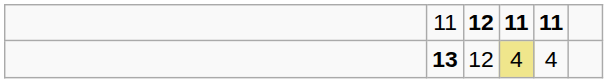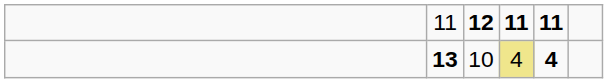 <table class="wikitable">
 <tr>
 <td style="width:18em"></td>
 <td align=center style="width:1em">11</td>
 <td align=center style="width:1em"><strong>12</strong></td>
 <td align=center style="width:1em"><strong>11</strong></td>
 <td align=center style="width:1em"><strong>11</strong></td>
 <td align=center style="width:1em"></td>
 </tr>
 <tr>
 <td style="width:18em"></td>
 <td align=center style="width:1em"><strong>13</strong></td>
-<td align=center style="width:1em">12</td>
+<td align=center style="width:1em">10</td>
 <td align=center style="background: khaki; width:1em">4</td>
-<td align=center style="width:1em">4</td>
+<td align=center style="width:1em"><strong>4</strong></td>
 <td align=center style="width:1em"></td>
 </tr>
 </table>
